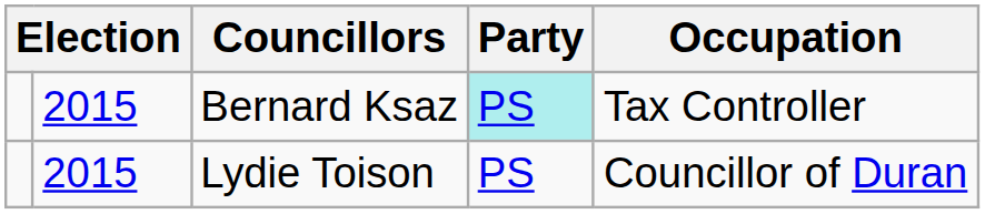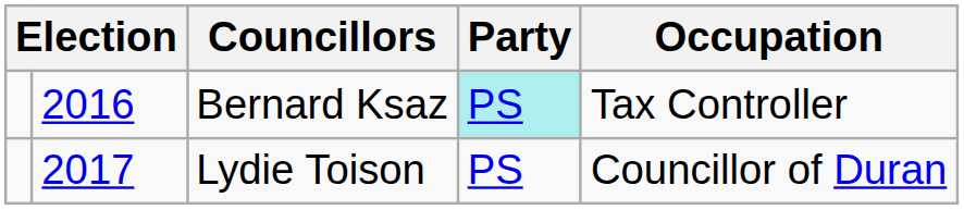 <table class="wikitable">
 <tr>
 <th colspan="2">Election</th>
 <th>Councillors</th>
 <th>Party</th>
 <th>Occupation</th>
 </tr>
 <tr>
 <td style="background-color: "></td>
-<td><a href='#'>2015</a></td>
+<td><a href='#'>2016</a></td>
 <td>Bernard Ksaz</td>
 <td style="background: paleturquoise;"><a href='#'>PS</a></td>
 <td>Tax Controller</td>
 </tr>
 <tr>
 <td style="background-color: "></td>
-<td><a href='#'>2015</a></td>
+<td><a href='#'>2017</a></td>
 <td>Lydie Toison</td>
 <td><a href='#'>PS</a></td>
 <td>Councillor of <a href='#'>Duran</a></td>
 </tr>
 </table>
